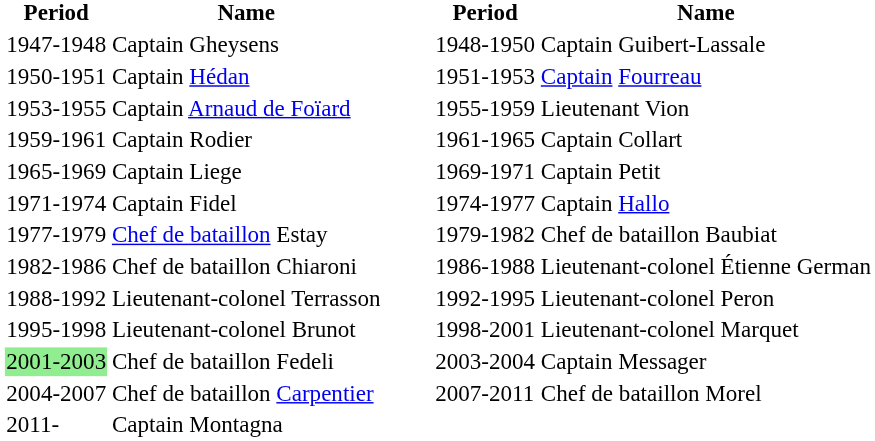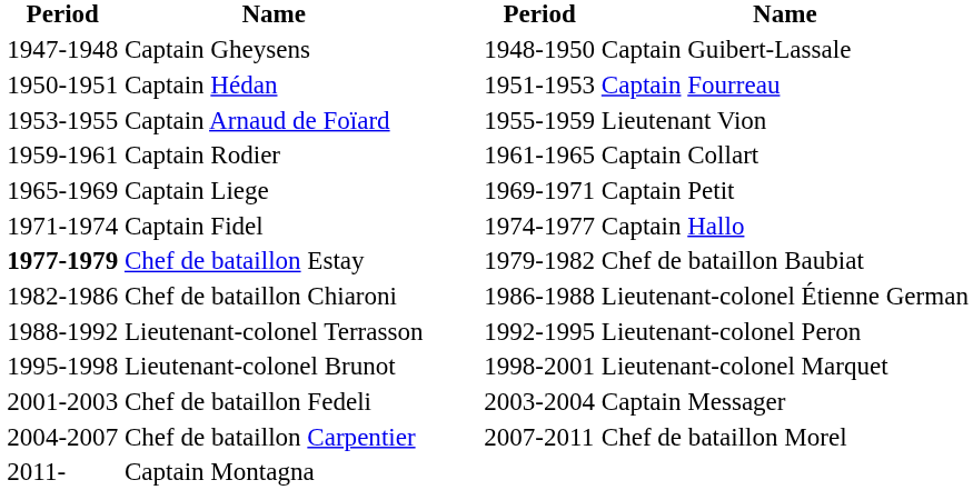 <table>
 <tr>
 <th>Period</th>
 <th>Name</th>
 <td rowspan="14" width="30"></td>
 <th>Period</th>
 <th>Name</th>
 </tr>
 <tr>
 <td>1947-1948</td>
 <td>Captain Gheysens</td>
 <td>1948-1950</td>
 <td>Captain Guibert-Lassale</td>
 </tr>
 <tr>
 <td>1950-1951</td>
 <td>Captain <a href='#'>Hédan</a></td>
 <td>1951-1953</td>
 <td><a href='#'>Captain</a> <a href='#'>Fourreau</a></td>
 </tr>
 <tr>
 <td>1953-1955</td>
 <td>Captain <a href='#'>Arnaud de Foïard</a></td>
 <td>1955-1959</td>
 <td>Lieutenant Vion</td>
 </tr>
 <tr>
 <td>1959-1961</td>
 <td>Captain Rodier</td>
 <td>1961-1965</td>
 <td>Captain Collart</td>
 </tr>
 <tr>
 <td>1965-1969</td>
 <td>Captain Liege</td>
 <td>1969-1971</td>
 <td>Captain Petit</td>
 </tr>
 <tr>
 <td>1971-1974</td>
 <td>Captain Fidel</td>
 <td>1974-1977</td>
 <td>Captain <a href='#'>Hallo</a></td>
 </tr>
 <tr>
-<td>1977-1979</td>
+<td><strong>1977-1979</strong></td>
 <td><a href='#'>Chef de bataillon</a> Estay</td>
 <td>1979-1982</td>
 <td>Chef de bataillon Baubiat</td>
 </tr>
 <tr>
 <td>1982-1986</td>
 <td>Chef de bataillon Chiaroni</td>
 <td>1986-1988</td>
 <td>Lieutenant-colonel Étienne German</td>
 </tr>
 <tr>
 <td>1988-1992</td>
 <td>Lieutenant-colonel Terrasson</td>
 <td>1992-1995</td>
 <td>Lieutenant-colonel Peron</td>
 </tr>
 <tr>
 <td>1995-1998</td>
 <td>Lieutenant-colonel Brunot</td>
 <td>1998-2001</td>
 <td>Lieutenant-colonel Marquet</td>
 </tr>
 <tr>
-<td style="background: lightgreen;">2001-2003</td>
+<td>2001-2003</td>
 <td>Chef de bataillon Fedeli</td>
 <td>2003-2004</td>
 <td>Captain Messager</td>
 </tr>
 <tr>
 <td>2004-2007</td>
 <td>Chef de bataillon <a href='#'>Carpentier</a></td>
 <td>2007-2011</td>
 <td>Chef de bataillon Morel</td>
 </tr>
 <tr>
 <td>2011-</td>
 <td>Captain Montagna</td>
 <td></td>
 <td></td>
 </tr>
 </table>
